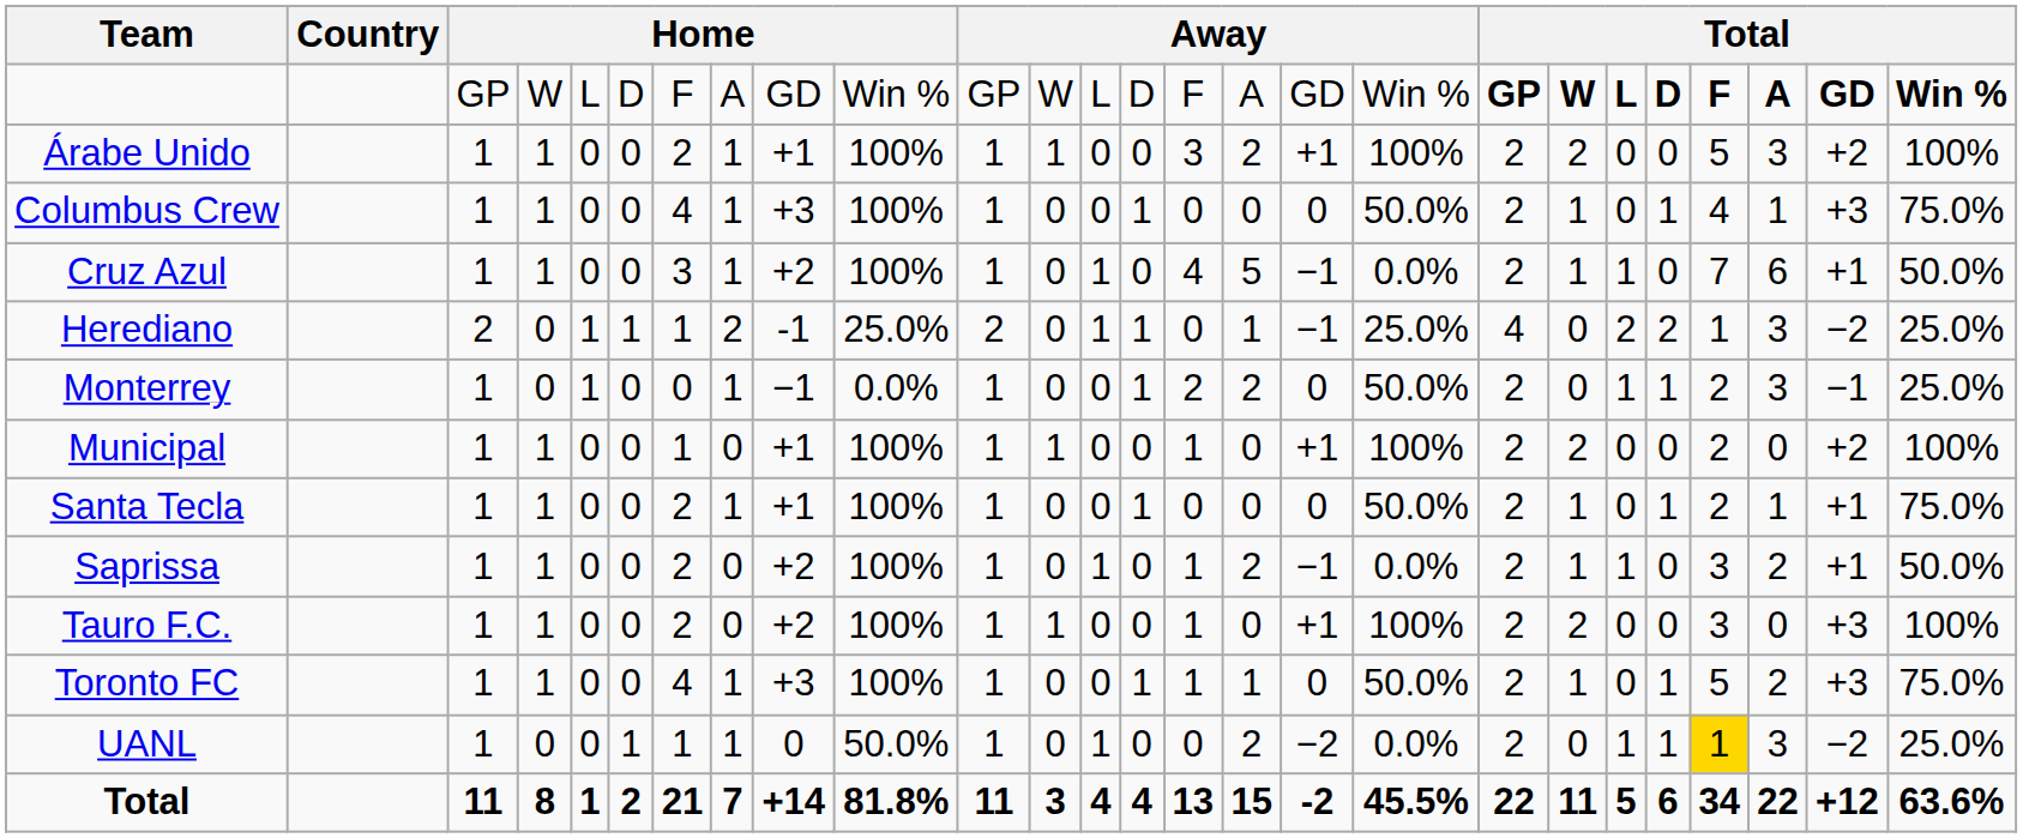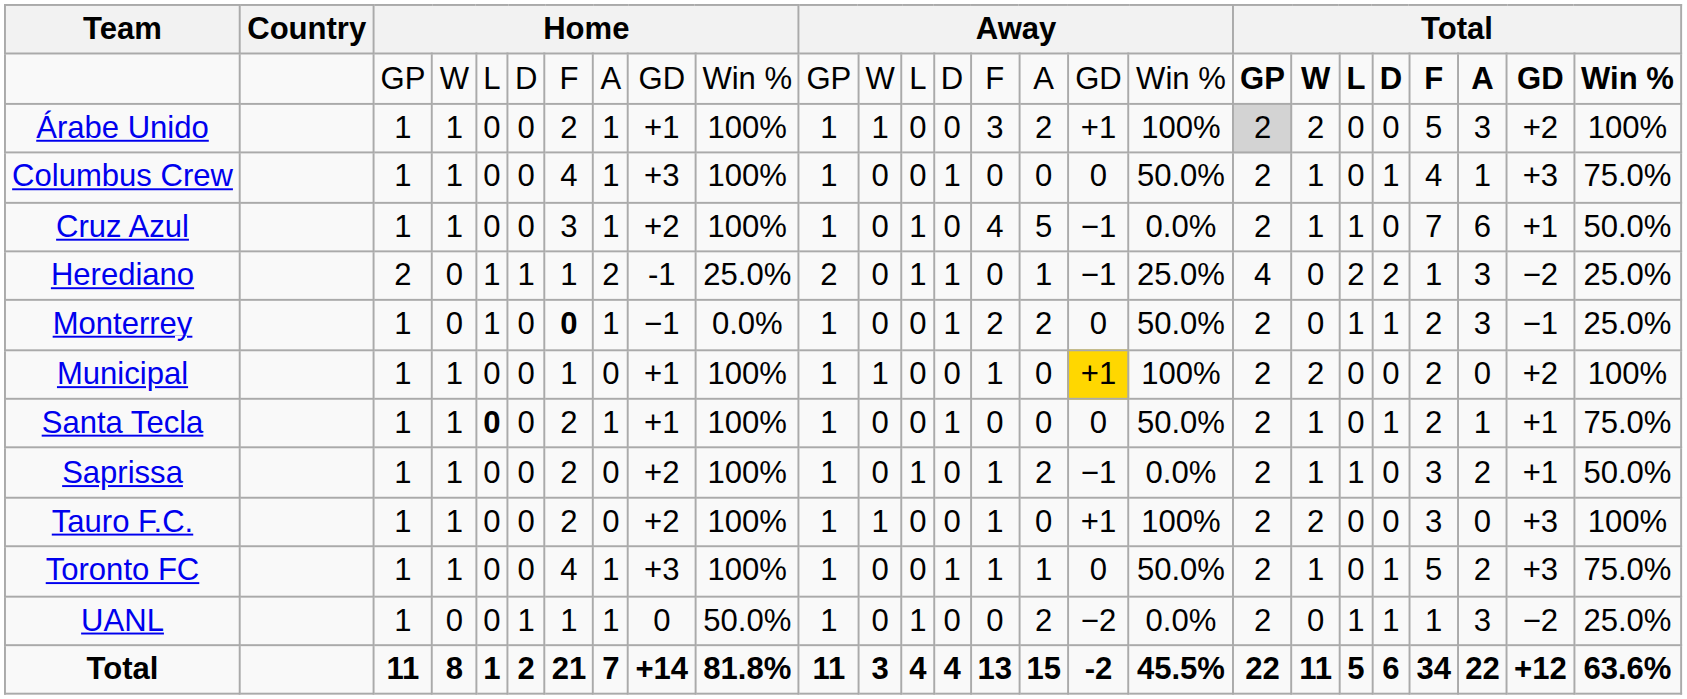 <table class="wikitable" style="text-align: center;">
 <tr>
 <th>Team</th>
 <th>Country</th>
 <th colspan="8">Home</th>
 <th colspan="8">Away</th>
 <th colspan="8">Total</th>
 </tr>
 <tr>
 <td></td>
 <td></td>
 <td>GP</td>
 <td>W</td>
 <td>L</td>
 <td>D</td>
 <td>F</td>
 <td>A</td>
 <td>GD</td>
 <td>Win %</td>
 <td>GP</td>
 <td>W</td>
 <td>L</td>
 <td>D</td>
 <td>F</td>
 <td>A</td>
 <td>GD</td>
 <td>Win %</td>
 <td><strong>GP</strong></td>
 <td><strong>W</strong></td>
 <td><strong>L</strong></td>
 <td><strong>D</strong></td>
 <td><strong>F</strong></td>
 <td><strong>A</strong></td>
 <td><strong>GD</strong></td>
 <td><strong>Win %</strong></td>
 </tr>
 <tr>
 <td><a href='#'>Árabe Unido</a></td>
 <td></td>
 <td>1</td>
 <td>1</td>
 <td>0</td>
 <td>0</td>
 <td>2</td>
 <td>1</td>
 <td>+1</td>
 <td>100%</td>
 <td>1</td>
 <td>1</td>
 <td>0</td>
 <td>0</td>
 <td>3</td>
 <td>2</td>
 <td>+1</td>
 <td>100%</td>
-<td>2</td>
+<td style="background: lightgrey;">2</td>
 <td>2</td>
 <td>0</td>
 <td>0</td>
 <td>5</td>
 <td>3</td>
 <td>+2</td>
 <td>100%</td>
 </tr>
 <tr>
 <td><a href='#'>Columbus Crew</a></td>
 <td></td>
 <td>1</td>
 <td>1</td>
 <td>0</td>
 <td>0</td>
 <td>4</td>
 <td>1</td>
 <td>+3</td>
 <td>100%</td>
 <td>1</td>
 <td>0</td>
 <td>0</td>
 <td>1</td>
 <td>0</td>
 <td>0</td>
 <td>0</td>
 <td>50.0%</td>
 <td>2</td>
 <td>1</td>
 <td>0</td>
 <td>1</td>
 <td>4</td>
 <td>1</td>
 <td>+3</td>
 <td>75.0%</td>
 </tr>
 <tr>
 <td><a href='#'>Cruz Azul</a></td>
 <td></td>
 <td>1</td>
 <td>1</td>
 <td>0</td>
 <td>0</td>
 <td>3</td>
 <td>1</td>
 <td>+2</td>
 <td>100%</td>
 <td>1</td>
 <td>0</td>
 <td>1</td>
 <td>0</td>
 <td>4</td>
 <td>5</td>
 <td>−1</td>
 <td>0.0%</td>
 <td>2</td>
 <td>1</td>
 <td>1</td>
 <td>0</td>
 <td>7</td>
 <td>6</td>
 <td>+1</td>
 <td>50.0%</td>
 </tr>
 <tr>
 <td><a href='#'>Herediano</a></td>
 <td></td>
 <td>2</td>
 <td>0</td>
 <td>1</td>
 <td>1</td>
 <td>1</td>
 <td>2</td>
 <td>-1</td>
 <td>25.0%</td>
 <td>2</td>
 <td>0</td>
 <td>1</td>
 <td>1</td>
 <td>0</td>
 <td>1</td>
 <td>−1</td>
 <td>25.0%</td>
 <td>4</td>
 <td>0</td>
 <td>2</td>
 <td>2</td>
 <td>1</td>
 <td>3</td>
 <td>−2</td>
 <td>25.0%</td>
 </tr>
 <tr>
 <td><a href='#'>Monterrey</a></td>
 <td></td>
 <td>1</td>
 <td>0</td>
 <td>1</td>
 <td>0</td>
-<td>0</td>
+<td><strong>0</strong></td>
 <td>1</td>
 <td>−1</td>
 <td>0.0%</td>
 <td>1</td>
 <td>0</td>
 <td>0</td>
 <td>1</td>
 <td>2</td>
 <td>2</td>
 <td>0</td>
 <td>50.0%</td>
 <td>2</td>
 <td>0</td>
 <td>1</td>
 <td>1</td>
 <td>2</td>
 <td>3</td>
 <td>−1</td>
 <td>25.0%</td>
 </tr>
 <tr>
 <td><a href='#'>Municipal</a></td>
 <td></td>
 <td>1</td>
 <td>1</td>
 <td>0</td>
 <td>0</td>
 <td>1</td>
 <td>0</td>
 <td>+1</td>
 <td>100%</td>
 <td>1</td>
 <td>1</td>
 <td>0</td>
 <td>0</td>
 <td>1</td>
 <td>0</td>
-<td>+1</td>
+<td style="background: gold;">+1</td>
 <td>100%</td>
 <td>2</td>
 <td>2</td>
 <td>0</td>
 <td>0</td>
 <td>2</td>
 <td>0</td>
 <td>+2</td>
 <td>100%</td>
 </tr>
 <tr>
 <td><a href='#'>Santa Tecla</a></td>
 <td></td>
 <td>1</td>
 <td>1</td>
-<td>0</td>
+<td><strong>0</strong></td>
 <td>0</td>
 <td>2</td>
 <td>1</td>
 <td>+1</td>
 <td>100%</td>
 <td>1</td>
 <td>0</td>
 <td>0</td>
 <td>1</td>
 <td>0</td>
 <td>0</td>
 <td>0</td>
 <td>50.0%</td>
 <td>2</td>
 <td>1</td>
 <td>0</td>
 <td>1</td>
 <td>2</td>
 <td>1</td>
 <td>+1</td>
 <td>75.0%</td>
 </tr>
 <tr>
 <td><a href='#'>Saprissa</a></td>
 <td></td>
 <td>1</td>
 <td>1</td>
 <td>0</td>
 <td>0</td>
 <td>2</td>
 <td>0</td>
 <td>+2</td>
 <td>100%</td>
 <td>1</td>
 <td>0</td>
 <td>1</td>
 <td>0</td>
 <td>1</td>
 <td>2</td>
 <td>−1</td>
 <td>0.0%</td>
 <td>2</td>
 <td>1</td>
 <td>1</td>
 <td>0</td>
 <td>3</td>
 <td>2</td>
 <td>+1</td>
 <td>50.0%</td>
 </tr>
 <tr>
 <td><a href='#'>Tauro F.C.</a></td>
 <td></td>
 <td>1</td>
 <td>1</td>
 <td>0</td>
 <td>0</td>
 <td>2</td>
 <td>0</td>
 <td>+2</td>
 <td>100%</td>
 <td>1</td>
 <td>1</td>
 <td>0</td>
 <td>0</td>
 <td>1</td>
 <td>0</td>
 <td>+1</td>
 <td>100%</td>
 <td>2</td>
 <td>2</td>
 <td>0</td>
 <td>0</td>
 <td>3</td>
 <td>0</td>
 <td>+3</td>
 <td>100%</td>
 </tr>
 <tr>
 <td><a href='#'>Toronto FC</a></td>
 <td></td>
 <td>1</td>
 <td>1</td>
 <td>0</td>
 <td>0</td>
 <td>4</td>
 <td>1</td>
 <td>+3</td>
 <td>100%</td>
 <td>1</td>
 <td>0</td>
 <td>0</td>
 <td>1</td>
 <td>1</td>
 <td>1</td>
 <td>0</td>
 <td>50.0%</td>
 <td>2</td>
 <td>1</td>
 <td>0</td>
 <td>1</td>
 <td>5</td>
 <td>2</td>
 <td>+3</td>
 <td>75.0%</td>
 </tr>
 <tr>
 <td><a href='#'>UANL</a></td>
 <td></td>
 <td>1</td>
 <td>0</td>
 <td>0</td>
 <td>1</td>
 <td>1</td>
 <td>1</td>
 <td>0</td>
 <td>50.0%</td>
 <td>1</td>
 <td>0</td>
 <td>1</td>
 <td>0</td>
 <td>0</td>
 <td>2</td>
 <td>−2</td>
 <td>0.0%</td>
 <td>2</td>
 <td>0</td>
 <td>1</td>
 <td>1</td>
-<td style="background: gold;">1</td>
+<td>1</td>
 <td>3</td>
 <td>−2</td>
 <td>25.0%</td>
 </tr>
 <tr>
 <td><strong>Total</strong></td>
 <td></td>
 <td><strong>11</strong></td>
 <td><strong>8</strong></td>
 <td><strong>1</strong></td>
 <td><strong>2</strong></td>
 <td><strong>21</strong></td>
 <td><strong>7</strong></td>
 <td><strong>+14</strong></td>
 <td><strong>81.8%</strong></td>
 <td><strong>11</strong></td>
 <td><strong>3</strong></td>
 <td><strong>4</strong></td>
 <td><strong>4</strong></td>
 <td><strong>13</strong></td>
 <td><strong>15</strong></td>
 <td><strong>-2</strong></td>
 <td><strong>45.5%</strong></td>
 <td><strong>22</strong></td>
 <td><strong>11</strong></td>
 <td><strong>5</strong></td>
 <td><strong>6</strong></td>
 <td><strong>34</strong></td>
 <td><strong>22</strong></td>
 <td><strong>+12</strong></td>
 <td><strong>63.6%</strong></td>
 </tr>
 </table>
